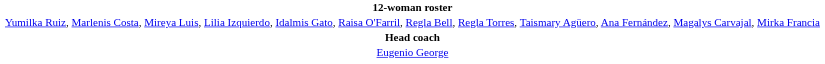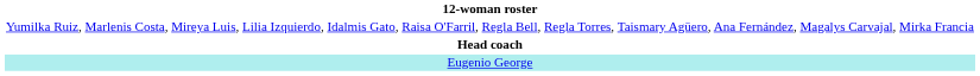 <table style="text-align:center; margin-top:2em; margin-left:auto; margin-right:auto">
 <tr>
 <td><strong>12-woman roster</strong></td>
 </tr>
 <tr>
 <td><a href='#'>Yumilka Ruiz</a>, <a href='#'>Marlenis Costa</a>, <a href='#'>Mireya Luis</a>, <a href='#'>Lilia Izquierdo</a>, <a href='#'>Idalmis Gato</a>, <a href='#'>Raisa O'Farril</a>, <a href='#'>Regla Bell</a>, <a href='#'>Regla Torres</a>, <a href='#'>Taismary Agüero</a>, <a href='#'>Ana Fernández</a>, <a href='#'>Magalys Carvajal</a>, <a href='#'>Mirka Francia</a></td>
 </tr>
 <tr>
 <td><strong>Head coach</strong></td>
 </tr>
 <tr>
-<td><a href='#'>Eugenio George</a></td>
+<td style="background: paleturquoise;"><a href='#'>Eugenio George</a></td>
 </tr>
 </table>
